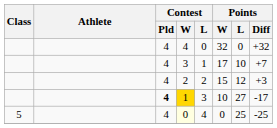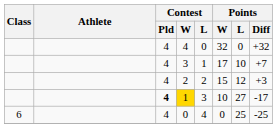 <table class=wikitable style="text-align:center">
 <tr>
 <th rowspan=2>Class</th>
 <th width=175 rowspan=2>Athlete</th>
 <th colspan=3>Contest</th>
 <th colspan=3>Points</th>
 </tr>
 <tr>
 <th width=20>Pld</th>
 <th width=20>W</th>
 <th width=20>L</th>
 <th width=20>W</th>
 <th width=20>L</th>
 <th width=20>Diff</th>
 </tr>
 <tr>
 <td></td>
 <td style="text-align:left"></td>
 <td>4</td>
 <td>4</td>
 <td>0</td>
 <td>32</td>
 <td>0</td>
 <td>+32</td>
 </tr>
 <tr>
 <td></td>
 <td style="text-align:left"></td>
 <td>4</td>
 <td>3</td>
 <td>1</td>
 <td>17</td>
 <td>10</td>
 <td>+7</td>
 </tr>
 <tr>
 <td></td>
 <td style="text-align:left"></td>
 <td>4</td>
 <td>2</td>
 <td>2</td>
 <td>15</td>
 <td>12</td>
 <td>+3</td>
 </tr>
 <tr>
 <td></td>
 <td style="text-align:left"></td>
 <td><strong>4</strong></td>
 <td style="background: gold;">1</td>
 <td>3</td>
 <td>10</td>
 <td>27</td>
 <td>-17</td>
 </tr>
 <tr>
-<td>5</td>
+<td>6</td>
 <td style="text-align:left"></td>
 <td>4</td>
-<td style="background: lightyellow;">0</td>
+<td>0</td>
 <td>4</td>
 <td>0</td>
 <td>25</td>
 <td>-25</td>
 </tr>
 <tr>
 </tr>
 </table>
